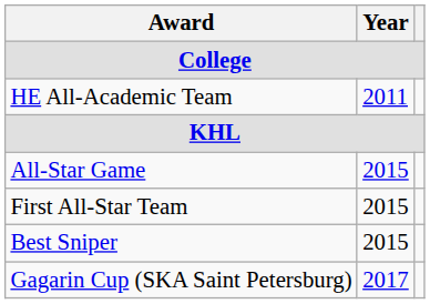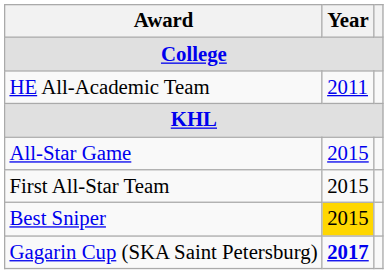 <table class="wikitable">
 <tr>
 <th>Award</th>
 <th>Year</th>
 <th></th>
 </tr>
 <tr ALIGN="center" bgcolor="#e0e0e0">
 <td colspan="3"><strong><a href='#'>College</a></strong></td>
 </tr>
 <tr>
 <td><a href='#'>HE</a> All-Academic Team</td>
 <td><a href='#'>2011</a></td>
 <td></td>
 </tr>
 <tr ALIGN="center" bgcolor="#e0e0e0">
 <td colspan="3"><strong><a href='#'>KHL</a></strong></td>
 </tr>
 <tr>
 <td><a href='#'>All-Star Game</a></td>
 <td><a href='#'>2015</a></td>
 <td></td>
 </tr>
 <tr>
 <td>First All-Star Team</td>
 <td>2015</td>
 <td></td>
 </tr>
 <tr>
 <td><a href='#'>Best Sniper</a></td>
-<td>2015</td>
+<td style="background: gold;">2015</td>
 <td></td>
 </tr>
 <tr>
 <td><a href='#'>Gagarin Cup</a> (SKA Saint Petersburg)</td>
-<td><a href='#'>2017</a></td>
+<td><strong><a href='#'>2017</a></strong></td>
 <td></td>
 </tr>
 </table>
